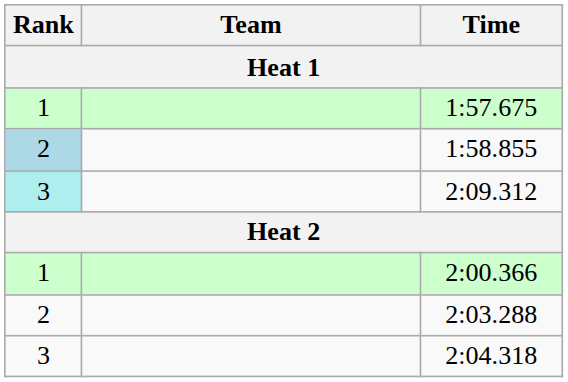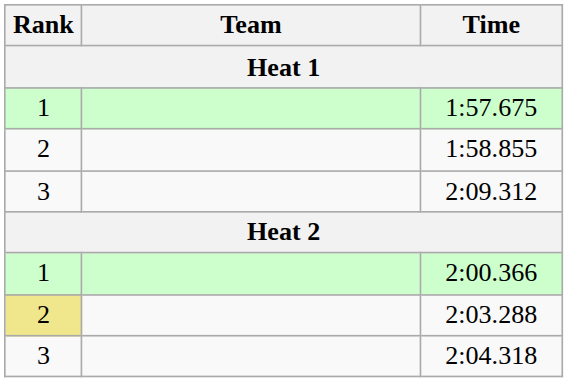 <table class=wikitable style="text-align:center">
 <tr>
 <th width=40>Rank</th>
 <th width=200>Team</th>
 <th width=80>Time</th>
 </tr>
 <tr>
 <th colspan=3>Heat 1</th>
 </tr>
 <tr bgcolor="#ccffcc">
 <td>1</td>
 <td align=left></td>
 <td>1:57.675</td>
 </tr>
 <tr>
-<td style="background: lightblue;">2</td>
+<td>2</td>
 <td align=left></td>
 <td>1:58.855</td>
 </tr>
 <tr>
-<td style="background: paleturquoise;">3</td>
+<td>3</td>
 <td align=left></td>
 <td>2:09.312</td>
 </tr>
 <tr>
 <th colspan=3>Heat 2</th>
 </tr>
 <tr bgcolor="#ccffcc">
 <td>1</td>
 <td align=left></td>
 <td>2:00.366</td>
 </tr>
 <tr>
-<td>2</td>
+<td style="background: khaki;">2</td>
 <td align=left></td>
 <td>2:03.288</td>
 </tr>
 <tr>
 <td>3</td>
 <td align=left></td>
 <td>2:04.318</td>
 </tr>
 </table>
